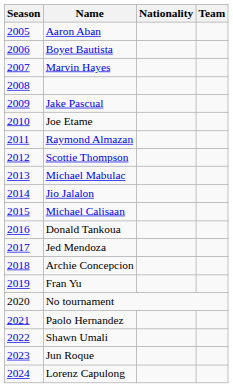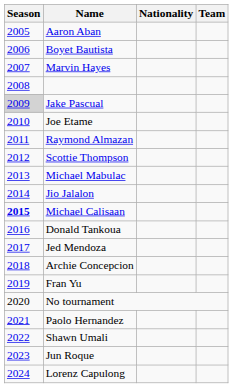 <table class="wikitable">
 <tr>
 <th>Season</th>
 <th>Name</th>
 <th>Nationality</th>
 <th>Team</th>
 </tr>
 <tr>
 <td><a href='#'>2005</a></td>
 <td><a href='#'>Aaron Aban</a></td>
 <td></td>
 <td></td>
 </tr>
 <tr>
 <td><a href='#'>2006</a></td>
 <td><a href='#'>Boyet Bautista</a></td>
 <td></td>
 <td></td>
 </tr>
 <tr>
 <td><a href='#'>2007</a></td>
 <td><a href='#'>Marvin Hayes</a></td>
 <td></td>
 <td></td>
 </tr>
 <tr>
 <td><a href='#'>2008</a></td>
 <td></td>
 <td></td>
 <td></td>
 </tr>
 <tr>
-<td><a href='#'>2009</a></td>
+<td style="background: lightgrey;"><a href='#'>2009</a></td>
 <td><a href='#'>Jake Pascual</a></td>
 <td></td>
 <td></td>
 </tr>
 <tr>
 <td><a href='#'>2010</a></td>
 <td>Joe Etame</td>
 <td></td>
 <td></td>
 </tr>
 <tr>
 <td><a href='#'>2011</a></td>
 <td><a href='#'>Raymond Almazan</a></td>
 <td></td>
 <td></td>
 </tr>
 <tr>
 <td><a href='#'>2012</a></td>
 <td><a href='#'>Scottie Thompson</a></td>
 <td></td>
 <td></td>
 </tr>
 <tr>
 <td><a href='#'>2013</a></td>
 <td><a href='#'>Michael Mabulac</a></td>
 <td></td>
 <td></td>
 </tr>
 <tr>
 <td><a href='#'>2014</a></td>
 <td><a href='#'>Jio Jalalon</a></td>
 <td></td>
 <td></td>
 </tr>
 <tr>
-<td><a href='#'>2015</a></td>
+<td><strong><a href='#'>2015</a></strong></td>
 <td><a href='#'>Michael Calisaan</a></td>
 <td></td>
 <td></td>
 </tr>
 <tr>
 <td><a href='#'>2016</a></td>
 <td>Donald Tankoua</td>
 <td></td>
 <td></td>
 </tr>
 <tr>
 <td><a href='#'>2017</a></td>
 <td>Jed Mendoza</td>
 <td></td>
 <td></td>
 </tr>
 <tr>
 <td><a href='#'>2018</a></td>
 <td>Archie Concepcion</td>
 <td></td>
 <td></td>
 </tr>
 <tr>
 <td><a href='#'>2019</a></td>
 <td>Fran Yu</td>
 <td></td>
 <td></td>
 </tr>
 <tr>
 <td>2020</td>
 <td colspan="3">No tournament</td>
 </tr>
 <tr>
 <td><a href='#'>2021</a></td>
 <td>Paolo Hernandez</td>
 <td></td>
 <td></td>
 </tr>
 <tr>
 <td><a href='#'>2022</a></td>
 <td>Shawn Umali</td>
 <td></td>
 <td></td>
 </tr>
 <tr>
 <td><a href='#'>2023</a></td>
 <td>Jun Roque</td>
 <td></td>
 <td></td>
 </tr>
 <tr>
 <td><a href='#'>2024</a></td>
 <td>Lorenz Capulong</td>
 <td></td>
 <td></td>
 </tr>
 </table>
